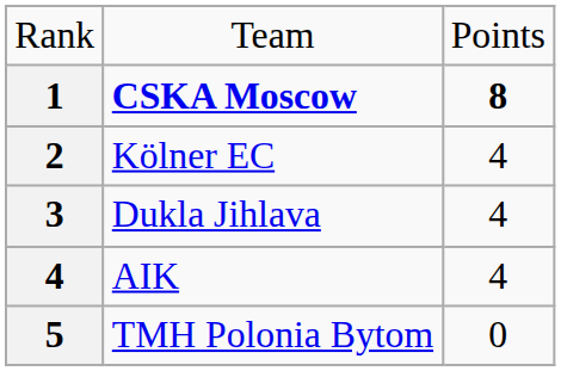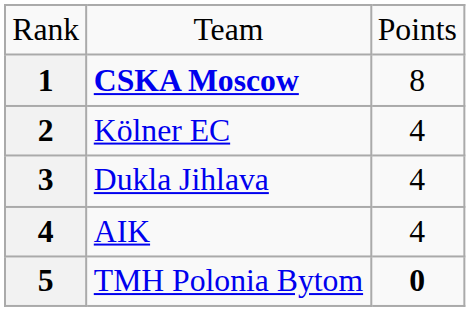 <table class="wikitable" style="text-align: center;">
 <tr>
 <td>Rank</td>
 <td>Team</td>
 <td>Points</td>
 </tr>
 <tr>
 <th>1</th>
 <td style="text-align: left;"> <strong><a href='#'>CSKA Moscow</a></strong></td>
-<td><strong>8</strong></td>
+<td>8</td>
 </tr>
 <tr>
 <th>2</th>
 <td style="text-align: left;"> <a href='#'>Kölner EC</a></td>
 <td>4</td>
 </tr>
 <tr>
 <th>3</th>
 <td style="text-align: left;"> <a href='#'>Dukla Jihlava</a></td>
 <td>4</td>
 </tr>
 <tr>
 <th>4</th>
 <td style="text-align: left;"> <a href='#'>AIK</a></td>
 <td>4</td>
 </tr>
 <tr>
 <th>5</th>
 <td style="text-align: left;"> <a href='#'>TMH Polonia Bytom</a></td>
-<td>0</td>
+<td><strong>0</strong></td>
 </tr>
 </table>
